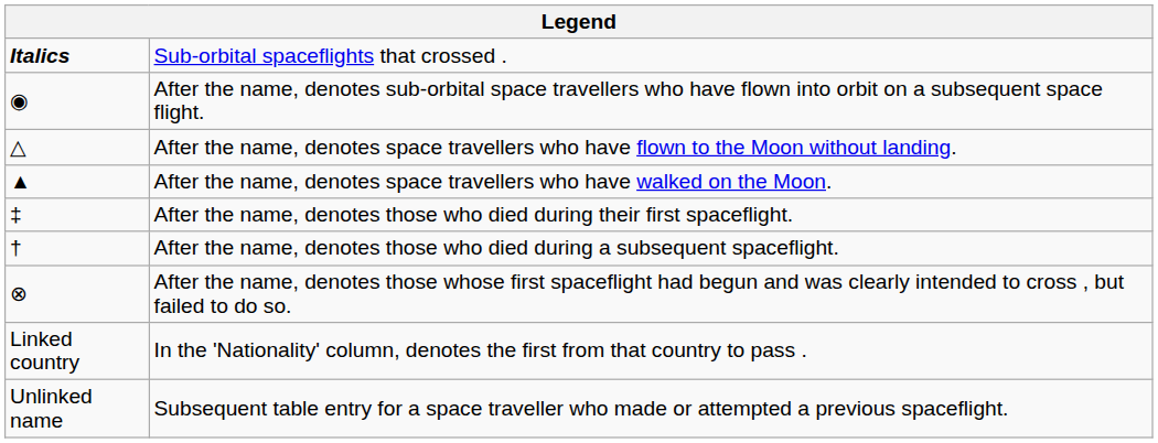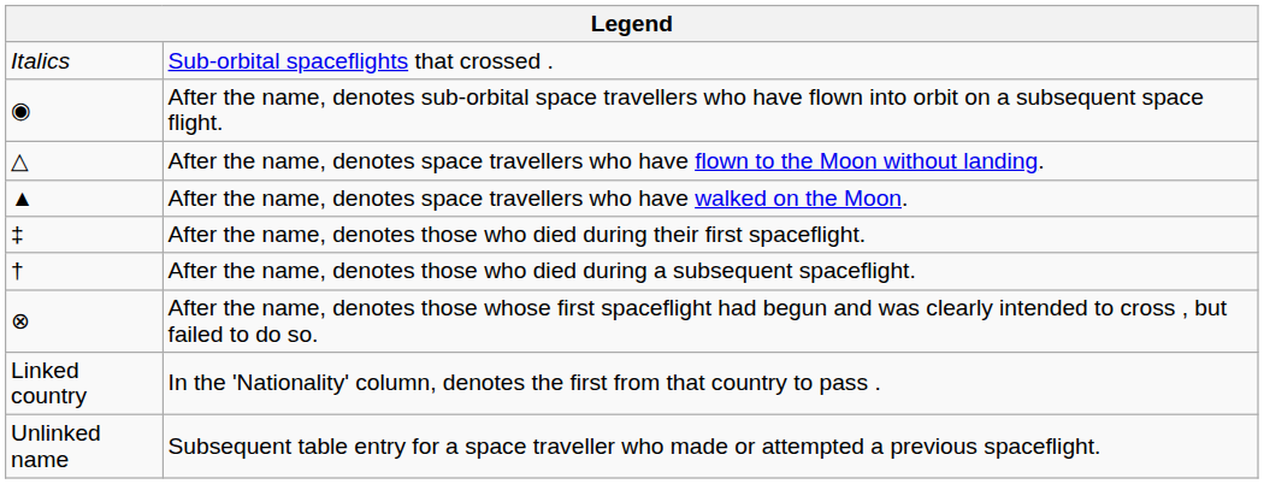 <table class="wikitable">
 <tr>
 <th colspan="4">Legend</th>
 </tr>
 <tr>
-<td><strong><em>Italics</em></strong></td>
+<td><em>Italics</em></td>
 <td><a href='#'>Sub-orbital spaceflights</a> that crossed .</td>
 </tr>
 <tr>
 <td>◉</td>
 <td>After the name, denotes sub-orbital space travellers who have flown into orbit on a subsequent space flight.</td>
 </tr>
 <tr>
 <td>△</td>
 <td>After the name, denotes space travellers who have <a href='#'>flown to the Moon without landing</a>.</td>
 </tr>
 <tr>
 <td>▲</td>
 <td>After the name, denotes space travellers who have <a href='#'>walked on the Moon</a>.</td>
 </tr>
 <tr>
 <td>‡</td>
 <td>After the name, denotes those who died during their first spaceflight.</td>
 </tr>
 <tr>
 <td>†</td>
 <td>After the name, denotes those who died during a subsequent spaceflight.</td>
 </tr>
 <tr>
 <td>⊗</td>
 <td>After the name, denotes those whose first spaceflight had begun and was clearly intended to cross , but failed to do so.</td>
 </tr>
 <tr>
 <td>Linked country</td>
 <td>In the 'Nationality' column, denotes the first from that country to pass .</td>
 </tr>
 <tr>
 <td>Unlinked name</td>
 <td>Subsequent table entry for a space traveller who made or attempted a previous spaceflight.</td>
 </tr>
 </table>
